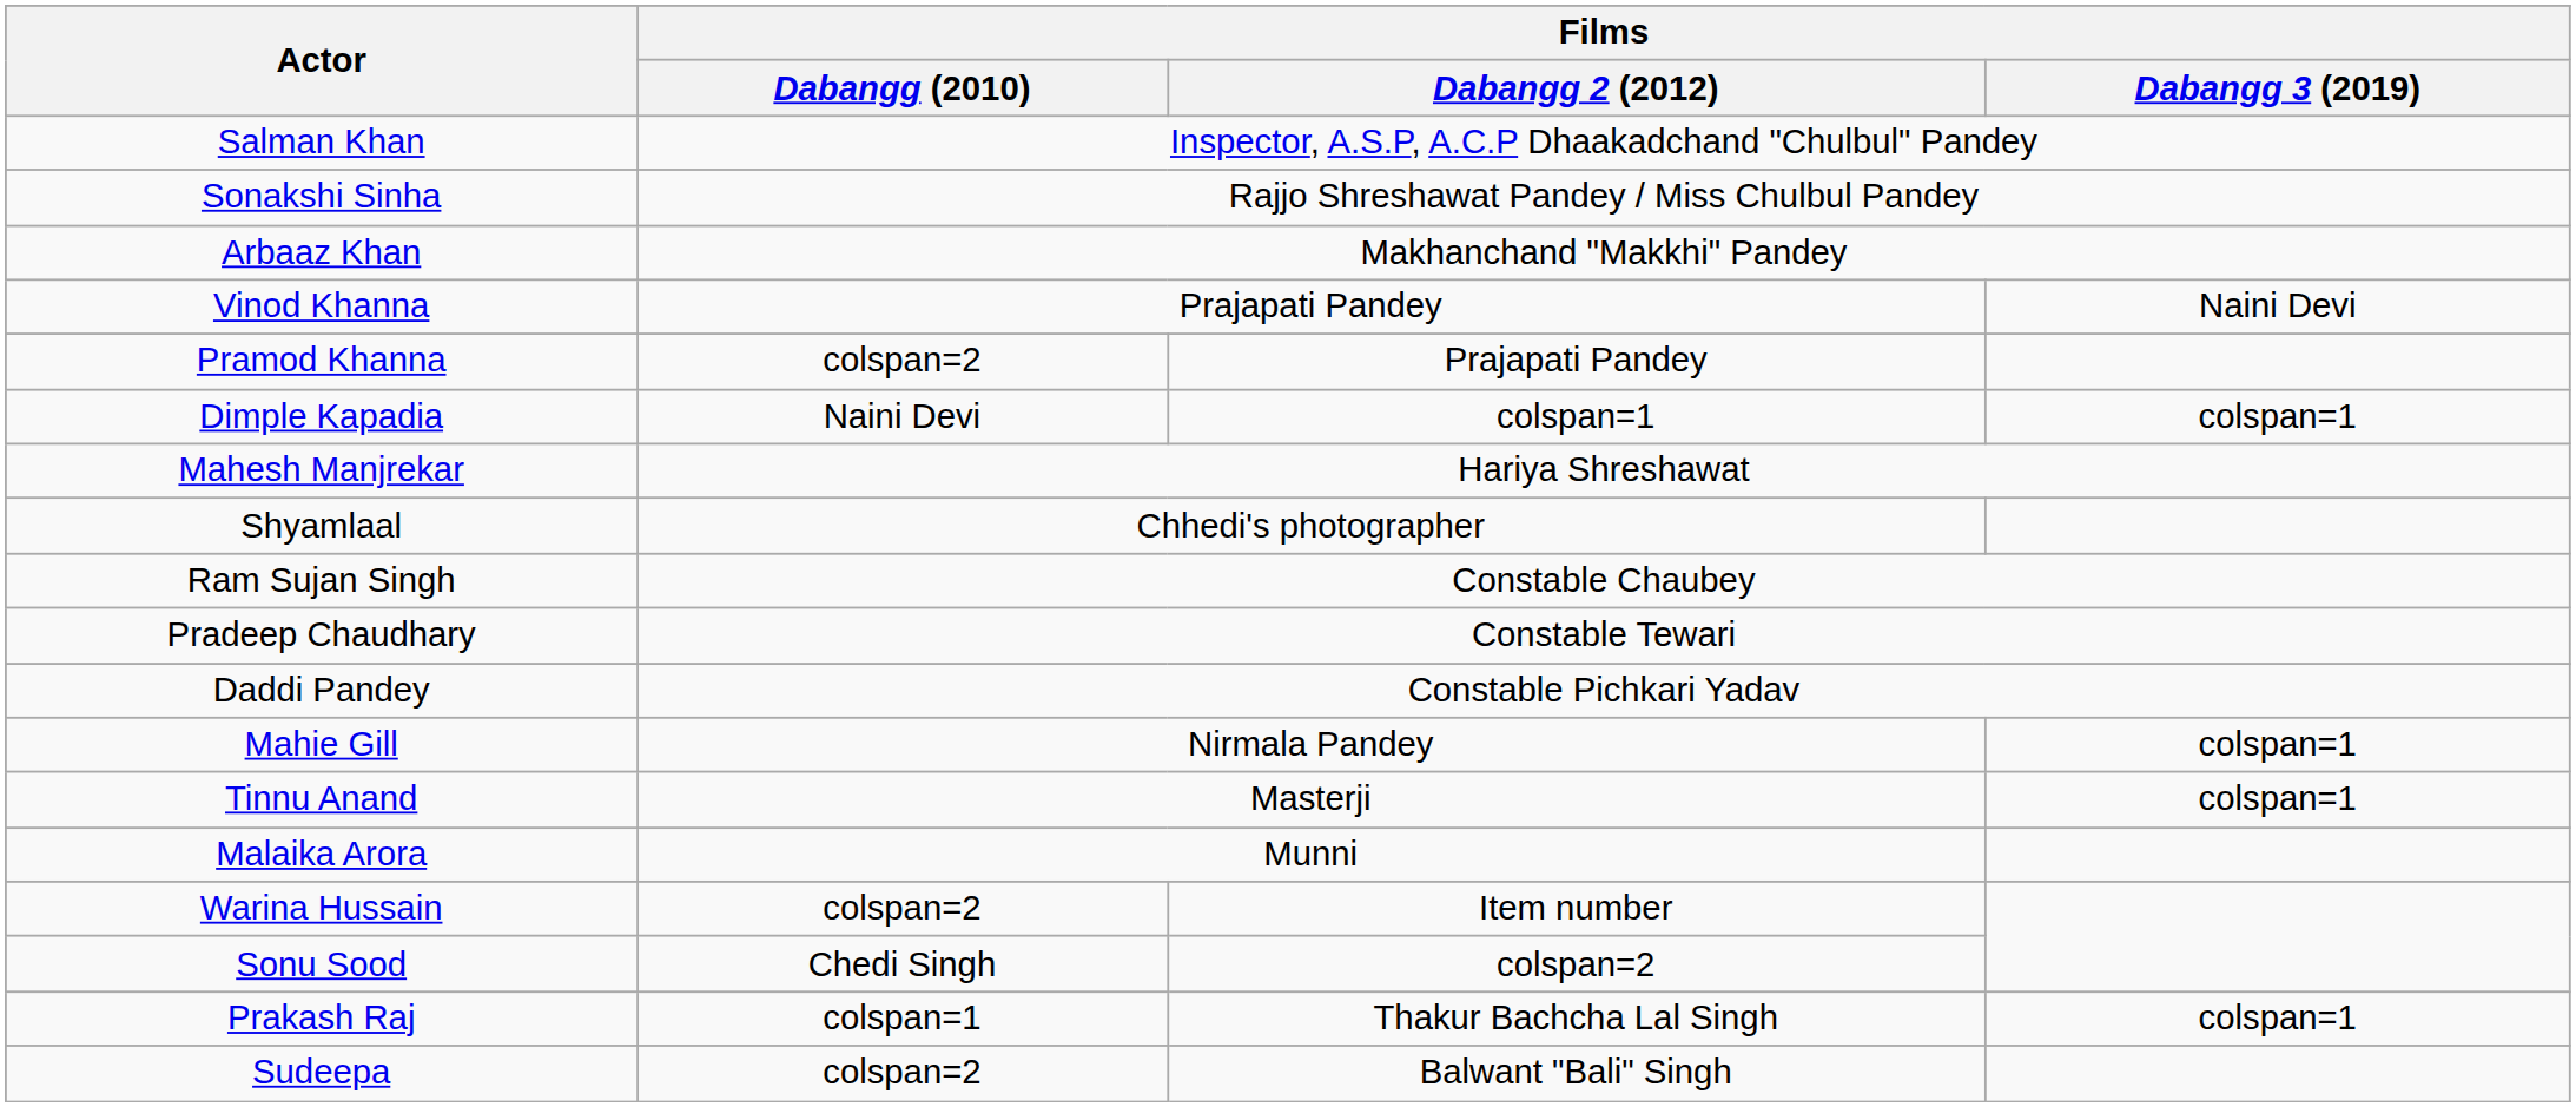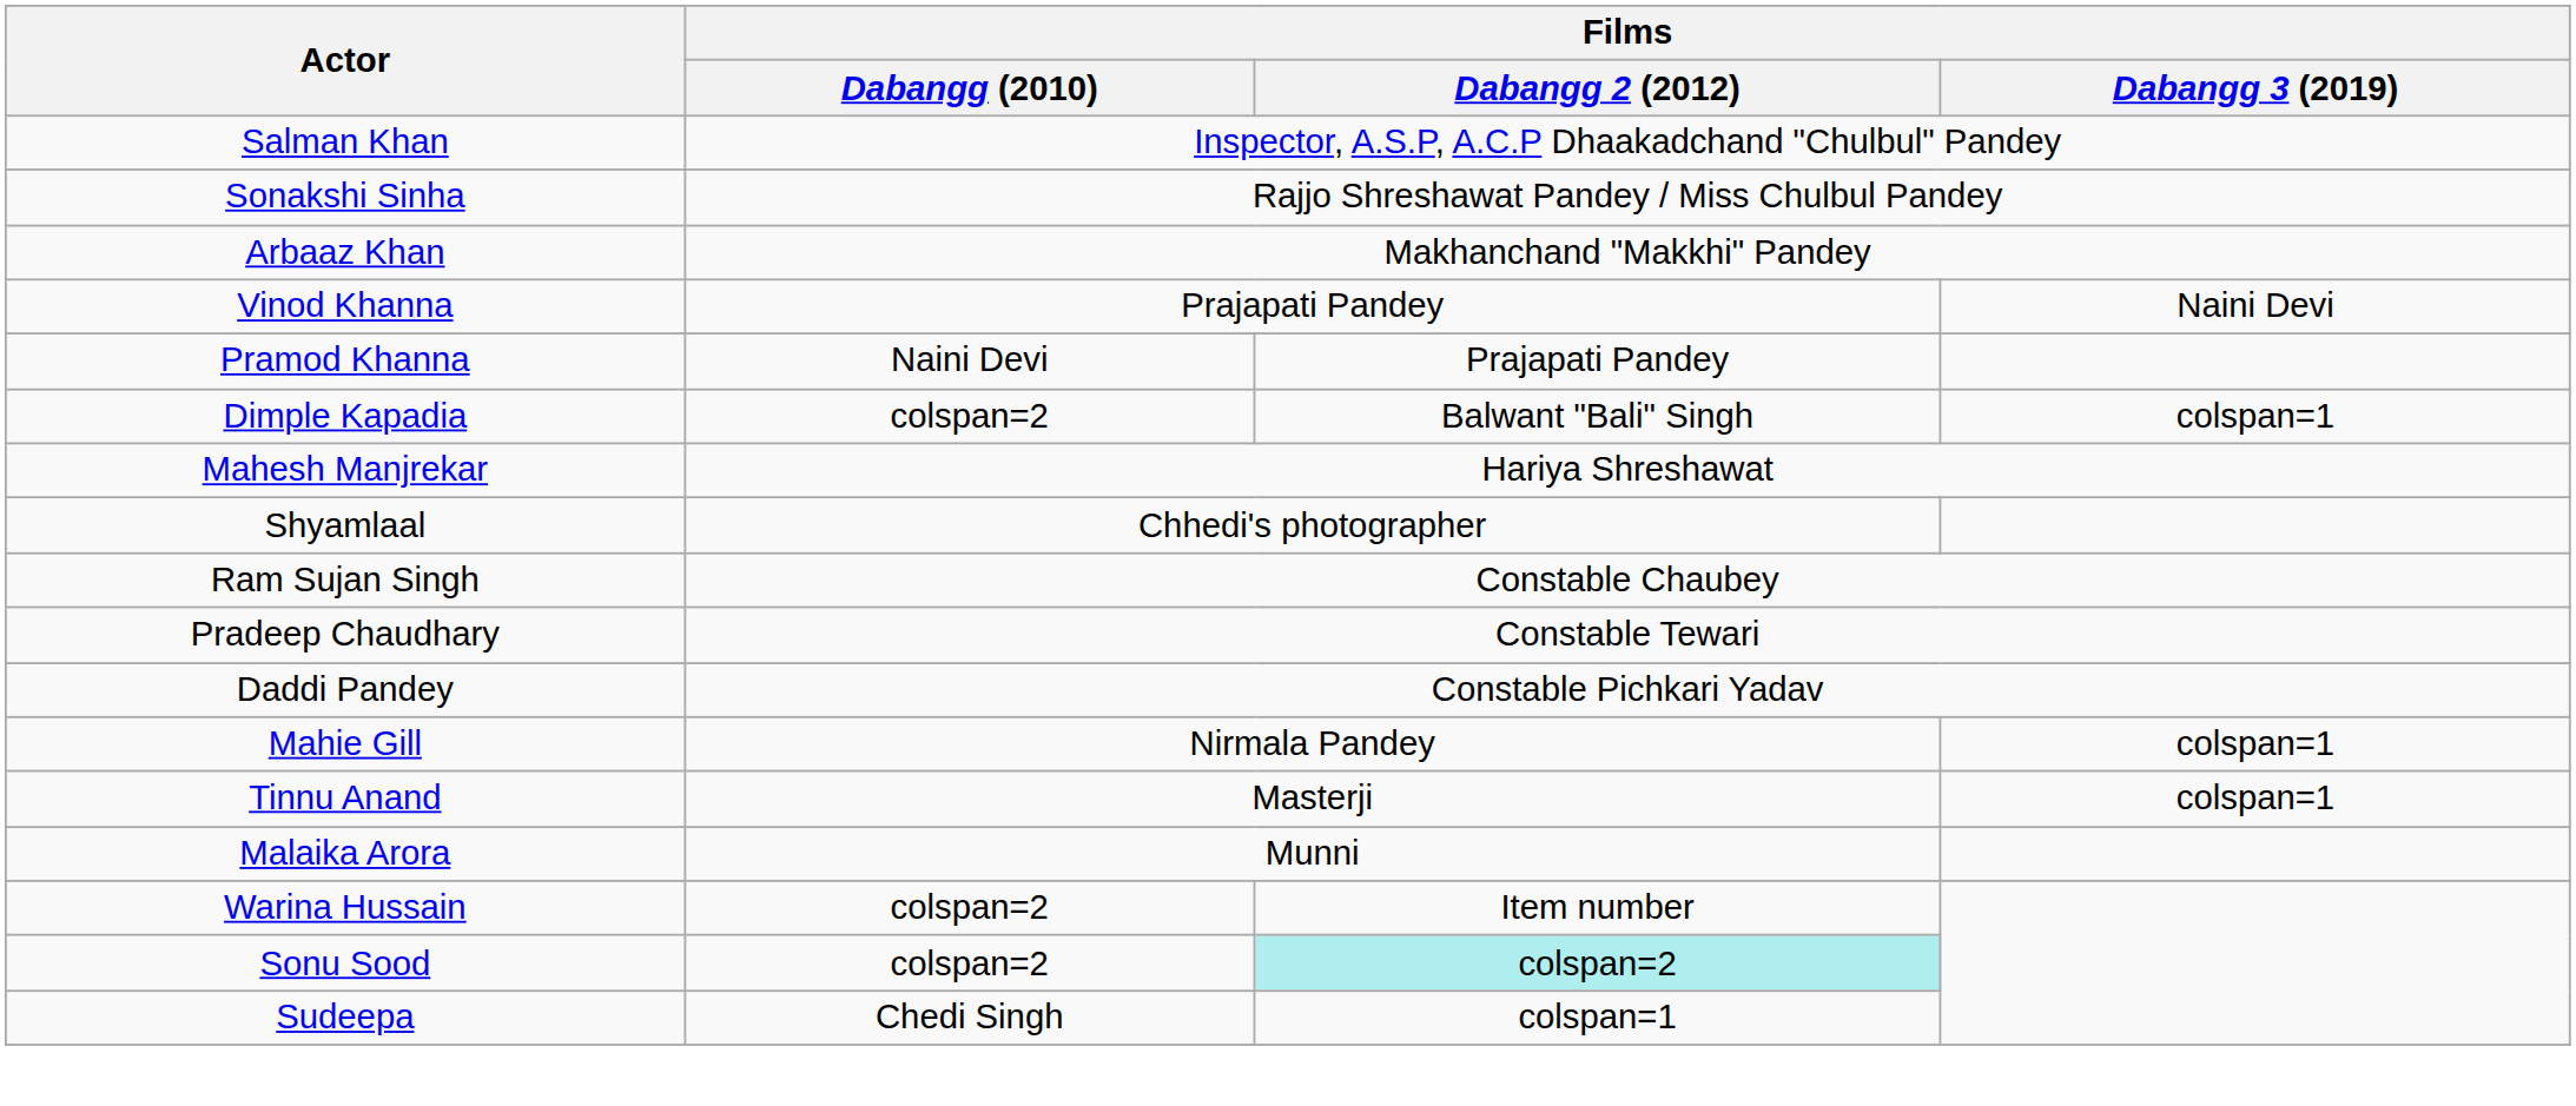 <table class="wikitable" style="text-align:center; width:60%;">
 <tr>
 <th scope="col" rowspan="2">Actor</th>
 <th scope="col" colspan="3">Films</th>
 </tr>
 <tr>
 <th><em><a href='#'>Dabangg</a></em> (2010)</th>
 <th><em><a href='#'>Dabangg 2</a></em> (2012)</th>
 <th><em><a href='#'>Dabangg 3</a></em> (2019)</th>
 </tr>
 <tr>
 <td scope="row"><a href='#'>Salman Khan</a></td>
 <td colspan=3><a href='#'>Inspector</a>, <a href='#'>A.S.P</a>, <a href='#'>A.C.P</a> Dhaakadchand "Chulbul" Pandey</td>
 </tr>
 <tr>
 <td scope="row"><a href='#'>Sonakshi Sinha</a></td>
 <td colspan=3>Rajjo Shreshawat Pandey / Miss Chulbul Pandey</td>
 </tr>
 <tr>
 <td scope="row"><a href='#'>Arbaaz Khan</a></td>
 <td colspan=3>Makhanchand "Makkhi" Pandey</td>
 </tr>
 <tr>
 <td scope="row"><a href='#'>Vinod Khanna</a></td>
 <td colspan=2>Prajapati Pandey</td>
 <td colspan=1>Naini Devi</td>
 </tr>
 <tr>
 <td scope="row"><a href='#'>Pramod Khanna</a></td>
-<td>colspan=2 </td>
+<td colspan=1>Naini Devi</td>
 <td colspan=1>Prajapati Pandey</td>
 </tr>
 <tr>
 <td scope="row"><a href='#'>Dimple Kapadia</a></td>
-<td colspan=1>Naini Devi</td>
-<td>colspan=1 </td>
+<td>colspan=2 </td>
+<td>Balwant "Bali" Singh</td>
 <td>colspan=1 </td>
 </tr>
 <tr>
 <td scope="row"><a href='#'>Mahesh Manjrekar</a></td>
 <td colspan=3>Hariya Shreshawat</td>
 </tr>
 <tr>
 <td scope="row">Shyamlaal</td>
 <td colspan=2>Chhedi's photographer</td>
 <td></td>
 </tr>
 <tr>
 <td scope="row">Ram Sujan Singh</td>
 <td colspan=3>Constable Chaubey</td>
 </tr>
 <tr>
 <td scope="row">Pradeep Chaudhary</td>
 <td colspan=3>Constable Tewari</td>
 </tr>
 <tr>
 <td scope="row">Daddi Pandey</td>
 <td colspan=3>Constable Pichkari Yadav</td>
 </tr>
 <tr>
 <td scope="row"><a href='#'>Mahie Gill</a></td>
 <td colspan=2>Nirmala Pandey</td>
 <td>colspan=1 </td>
 </tr>
 <tr>
 <td scope="row"><a href='#'>Tinnu Anand</a></td>
 <td colspan=2>Masterji</td>
 <td>colspan=1 </td>
 </tr>
 <tr>
 <td scope="row"><a href='#'>Malaika Arora</a></td>
 <td colspan=2>Munni</td>
 <td></td>
 </tr>
 <tr>
 <td scope="row"><a href='#'>Warina Hussain</a></td>
 <td>colspan=2 </td>
 <td>Item number</td>
 </tr>
 <tr>
 <td scope="row"><a href='#'>Sonu Sood</a></td>
-<td>Chedi Singh</td>
 <td>colspan=2 </td>
-</tr>
-<tr>
-<td scope="row"><a href='#'>Prakash Raj</a></td>
-<td>colspan=1 </td>
-<td>Thakur Bachcha Lal Singh</td>
-<td>colspan=1 </td>
+<td style="background: paleturquoise;">colspan=2 </td>
 </tr>
 <tr>
 <td scope="row"><a href='#'>Sudeepa</a></td>
-<td>colspan=2 </td>
-<td>Balwant "Bali" Singh</td>
+<td>Chedi Singh</td>
+<td>colspan=1 </td>
 </tr>
 </table>
